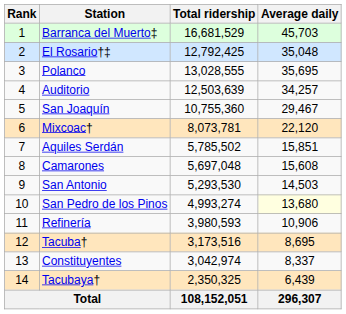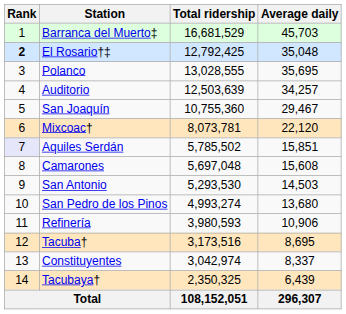 <table class=wikitable style="text-align:center">
 <tr>
 <th>Rank</th>
 <th>Station</th>
 <th>Total ridership</th>
 <th>Average daily</th>
 </tr>
 <tr style="background-color:#DDFFDD">
 <td>1</td>
 <td align=left><a href='#'>Barranca del Muerto</a>‡</td>
 <td>16,681,529</td>
 <td>45,703</td>
 </tr>
 <tr style="background-color:#D0E7FF">
-<td>2</td>
+<td><strong>2</strong></td>
 <td align=left><a href='#'>El Rosario</a>†‡</td>
 <td>12,792,425</td>
 <td>35,048</td>
 </tr>
 <tr>
 <td>3</td>
 <td align=left><a href='#'>Polanco</a></td>
 <td>13,028,555</td>
 <td>35,695</td>
 </tr>
 <tr>
 <td>4</td>
 <td align=left><a href='#'>Auditorio</a></td>
 <td>12,503,639</td>
 <td>34,257</td>
 </tr>
 <tr>
 <td>5</td>
 <td align=left><a href='#'>San Joaquín</a></td>
 <td>10,755,360</td>
 <td>29,467</td>
 </tr>
 <tr style="background-color:#FFE6BD">
 <td>6</td>
 <td align=left><a href='#'>Mixcoac</a>†</td>
 <td>8,073,781</td>
 <td>22,120</td>
 </tr>
 <tr>
-<td>7</td>
+<td style="background: lavender;">7</td>
 <td align=left><a href='#'>Aquiles Serdán</a></td>
 <td>5,785,502</td>
 <td>15,851</td>
 </tr>
 <tr>
 <td>8</td>
 <td align=left><a href='#'>Camarones</a></td>
 <td>5,697,048</td>
 <td>15,608</td>
 </tr>
 <tr>
 <td>9</td>
 <td align=left><a href='#'>San Antonio</a></td>
 <td>5,293,530</td>
 <td>14,503</td>
 </tr>
 <tr>
 <td>10</td>
 <td align=left><a href='#'>San Pedro de los Pinos</a></td>
 <td>4,993,274</td>
-<td style="background: lightyellow;">13,680</td>
+<td>13,680</td>
 </tr>
 <tr>
 <td>11</td>
 <td align=left><a href='#'>Refinería</a></td>
 <td>3,980,593</td>
 <td>10,906</td>
 </tr>
 <tr style="background-color:#FFE6BD">
 <td>12</td>
 <td align=left><a href='#'>Tacuba</a>†</td>
 <td>3,173,516</td>
 <td>8,695</td>
 </tr>
 <tr>
 <td>13</td>
 <td align=left><a href='#'>Constituyentes</a></td>
 <td>3,042,974</td>
 <td>8,337</td>
 </tr>
 <tr style="background-color:#FFE6BD">
 <td>14</td>
 <td align=left><a href='#'>Tacubaya</a>†</td>
 <td>2,350,325</td>
 <td>6,439</td>
 </tr>
 <tr>
 <th colspan=2>Total</th>
 <th>108,152,051</th>
 <th>296,307</th>
 </tr>
 </table>
